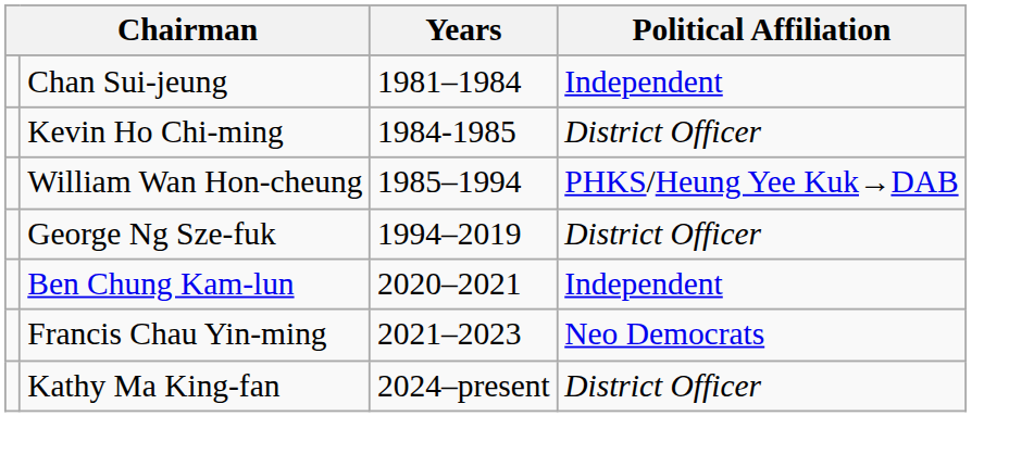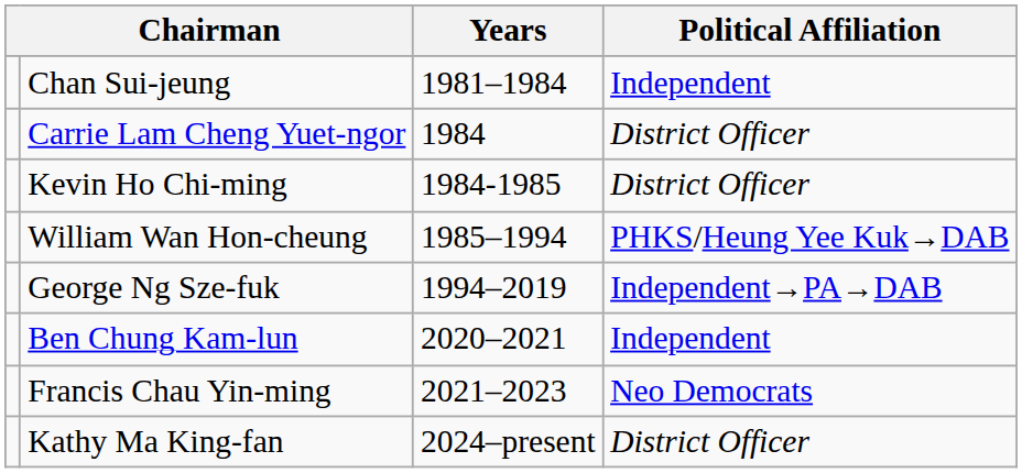 <table class="wikitable">
 <tr>
 <th colspan=2>Chairman</th>
 <th>Years</th>
 <th>Political Affiliation</th>
 </tr>
 <tr>
 <td style="color:inherit;background:"></td>
 <td>Chan Sui-jeung</td>
 <td>1981–1984</td>
 <td><a href='#'>Independent</a></td>
+</tr>
+<tr>
+<td style="color:inherit;background:"></td>
+<td><a href='#'>Carrie Lam Cheng Yuet-ngor</a></td>
+<td>1984</td>
+<td><em>District Officer</em></td>
 </tr>
 <tr>
 <td style="color:inherit;background:"></td>
 <td>Kevin Ho Chi-ming</td>
 <td>1984-1985</td>
 <td><em>District Officer</em></td>
 </tr>
 <tr>
 <td style="color:inherit;background:"></td>
 <td>William Wan Hon-cheung</td>
 <td>1985–1994</td>
 <td><a href='#'>PHKS</a>/<a href='#'>Heung Yee Kuk</a>→<a href='#'>DAB</a></td>
 </tr>
 <tr>
 <td style="color:inherit;background:"></td>
 <td>George Ng Sze-fuk</td>
 <td>1994–2019</td>
-<td><em>District Officer</em></td>
+<td><a href='#'>Independent</a>→<a href='#'>PA</a>→<a href='#'>DAB</a></td>
 </tr>
 <tr>
 <td style="color:inherit;background:"></td>
 <td><a href='#'>Ben Chung Kam-lun</a></td>
 <td>2020–2021</td>
 <td><a href='#'>Independent</a></td>
 </tr>
 <tr>
 <td style="color:inherit;background: "></td>
 <td>Francis Chau Yin-ming</td>
 <td>2021–2023</td>
 <td><a href='#'>Neo Democrats</a></td>
 </tr>
 <tr>
 <td style="color:inherit;background:"></td>
 <td>Kathy Ma King-fan</td>
 <td>2024–present</td>
 <td><em>District Officer</em></td>
 </tr>
 </table>
